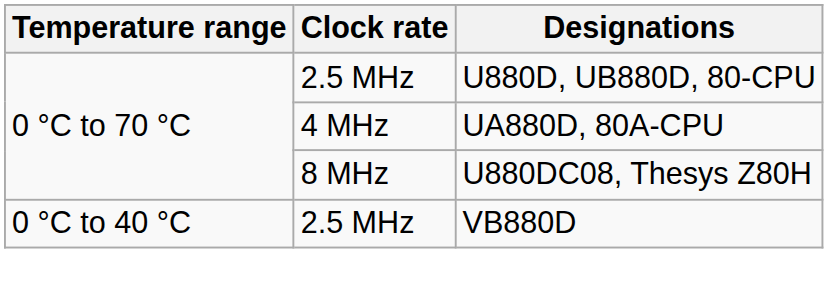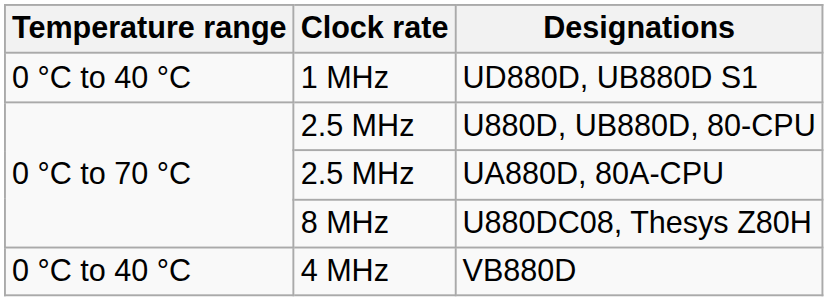 <table class="wikitable">
 <tr>
 <th>Temperature range</th>
 <th>Clock rate</th>
 <th>Designations</th>
 </tr>
 <tr>
+<td>0 °C to 40 °C</td>
+<td>1 MHz</td>
+<td>UD880D, UB880D S1</td>
+</tr>
+<tr>
 <td rowspan=3>0 °C to 70 °C</td>
 <td>2.5 MHz</td>
 <td>U880D, UB880D, 80-CPU</td>
 </tr>
 <tr>
-<td>4 MHz</td>
+<td>2.5 MHz</td>
 <td>UA880D, 80A-CPU</td>
 </tr>
 <tr>
 <td>8 MHz</td>
 <td>U880DC08, Thesys Z80H</td>
 </tr>
 <tr>
 <td>0 °C to 40 °C</td>
-<td>2.5 MHz</td>
+<td>4 MHz</td>
 <td>VB880D</td>
 </tr>
 </table>
